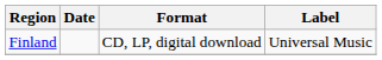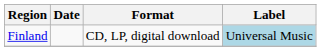 <table class=wikitable>
 <tr>
 <th>Region</th>
 <th>Date</th>
 <th>Format</th>
 <th>Label</th>
 </tr>
 <tr>
 <td><a href='#'>Finland</a></td>
 <td></td>
 <td>CD, LP, digital download</td>
-<td>Universal Music</td>
+<td style="background: lightblue;">Universal Music</td>
 </tr>
 <tr>
 </tr>
 </table>
